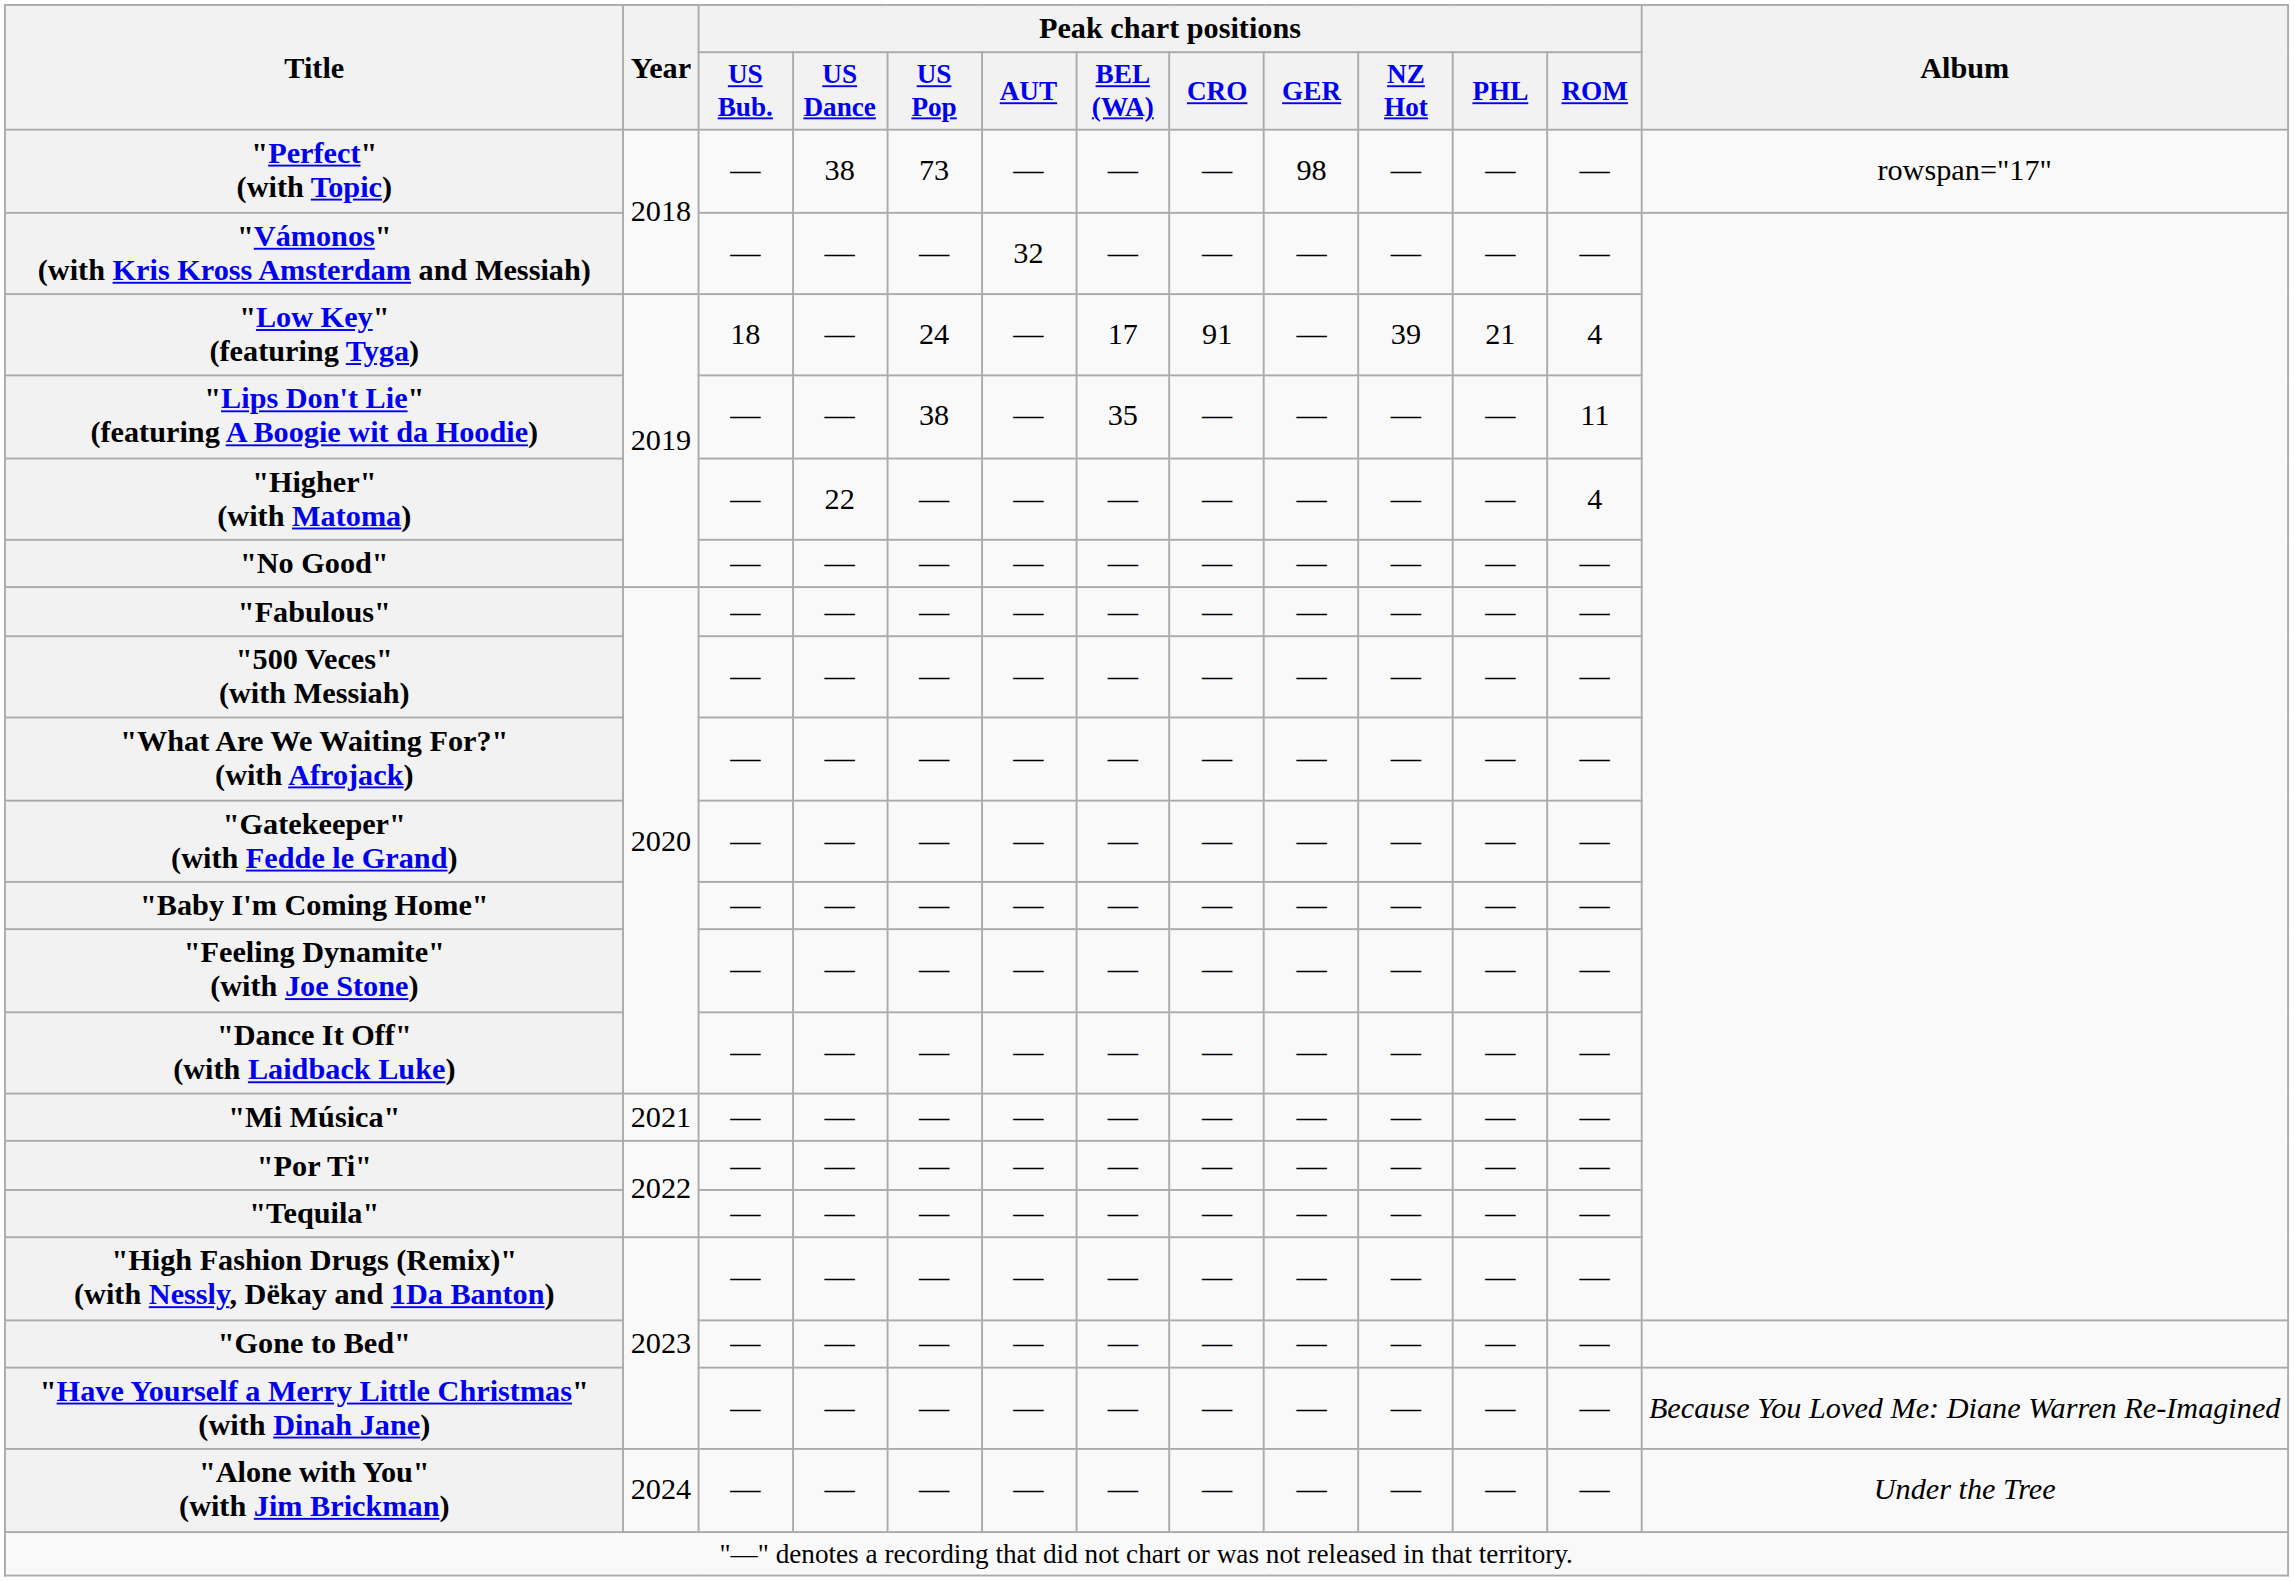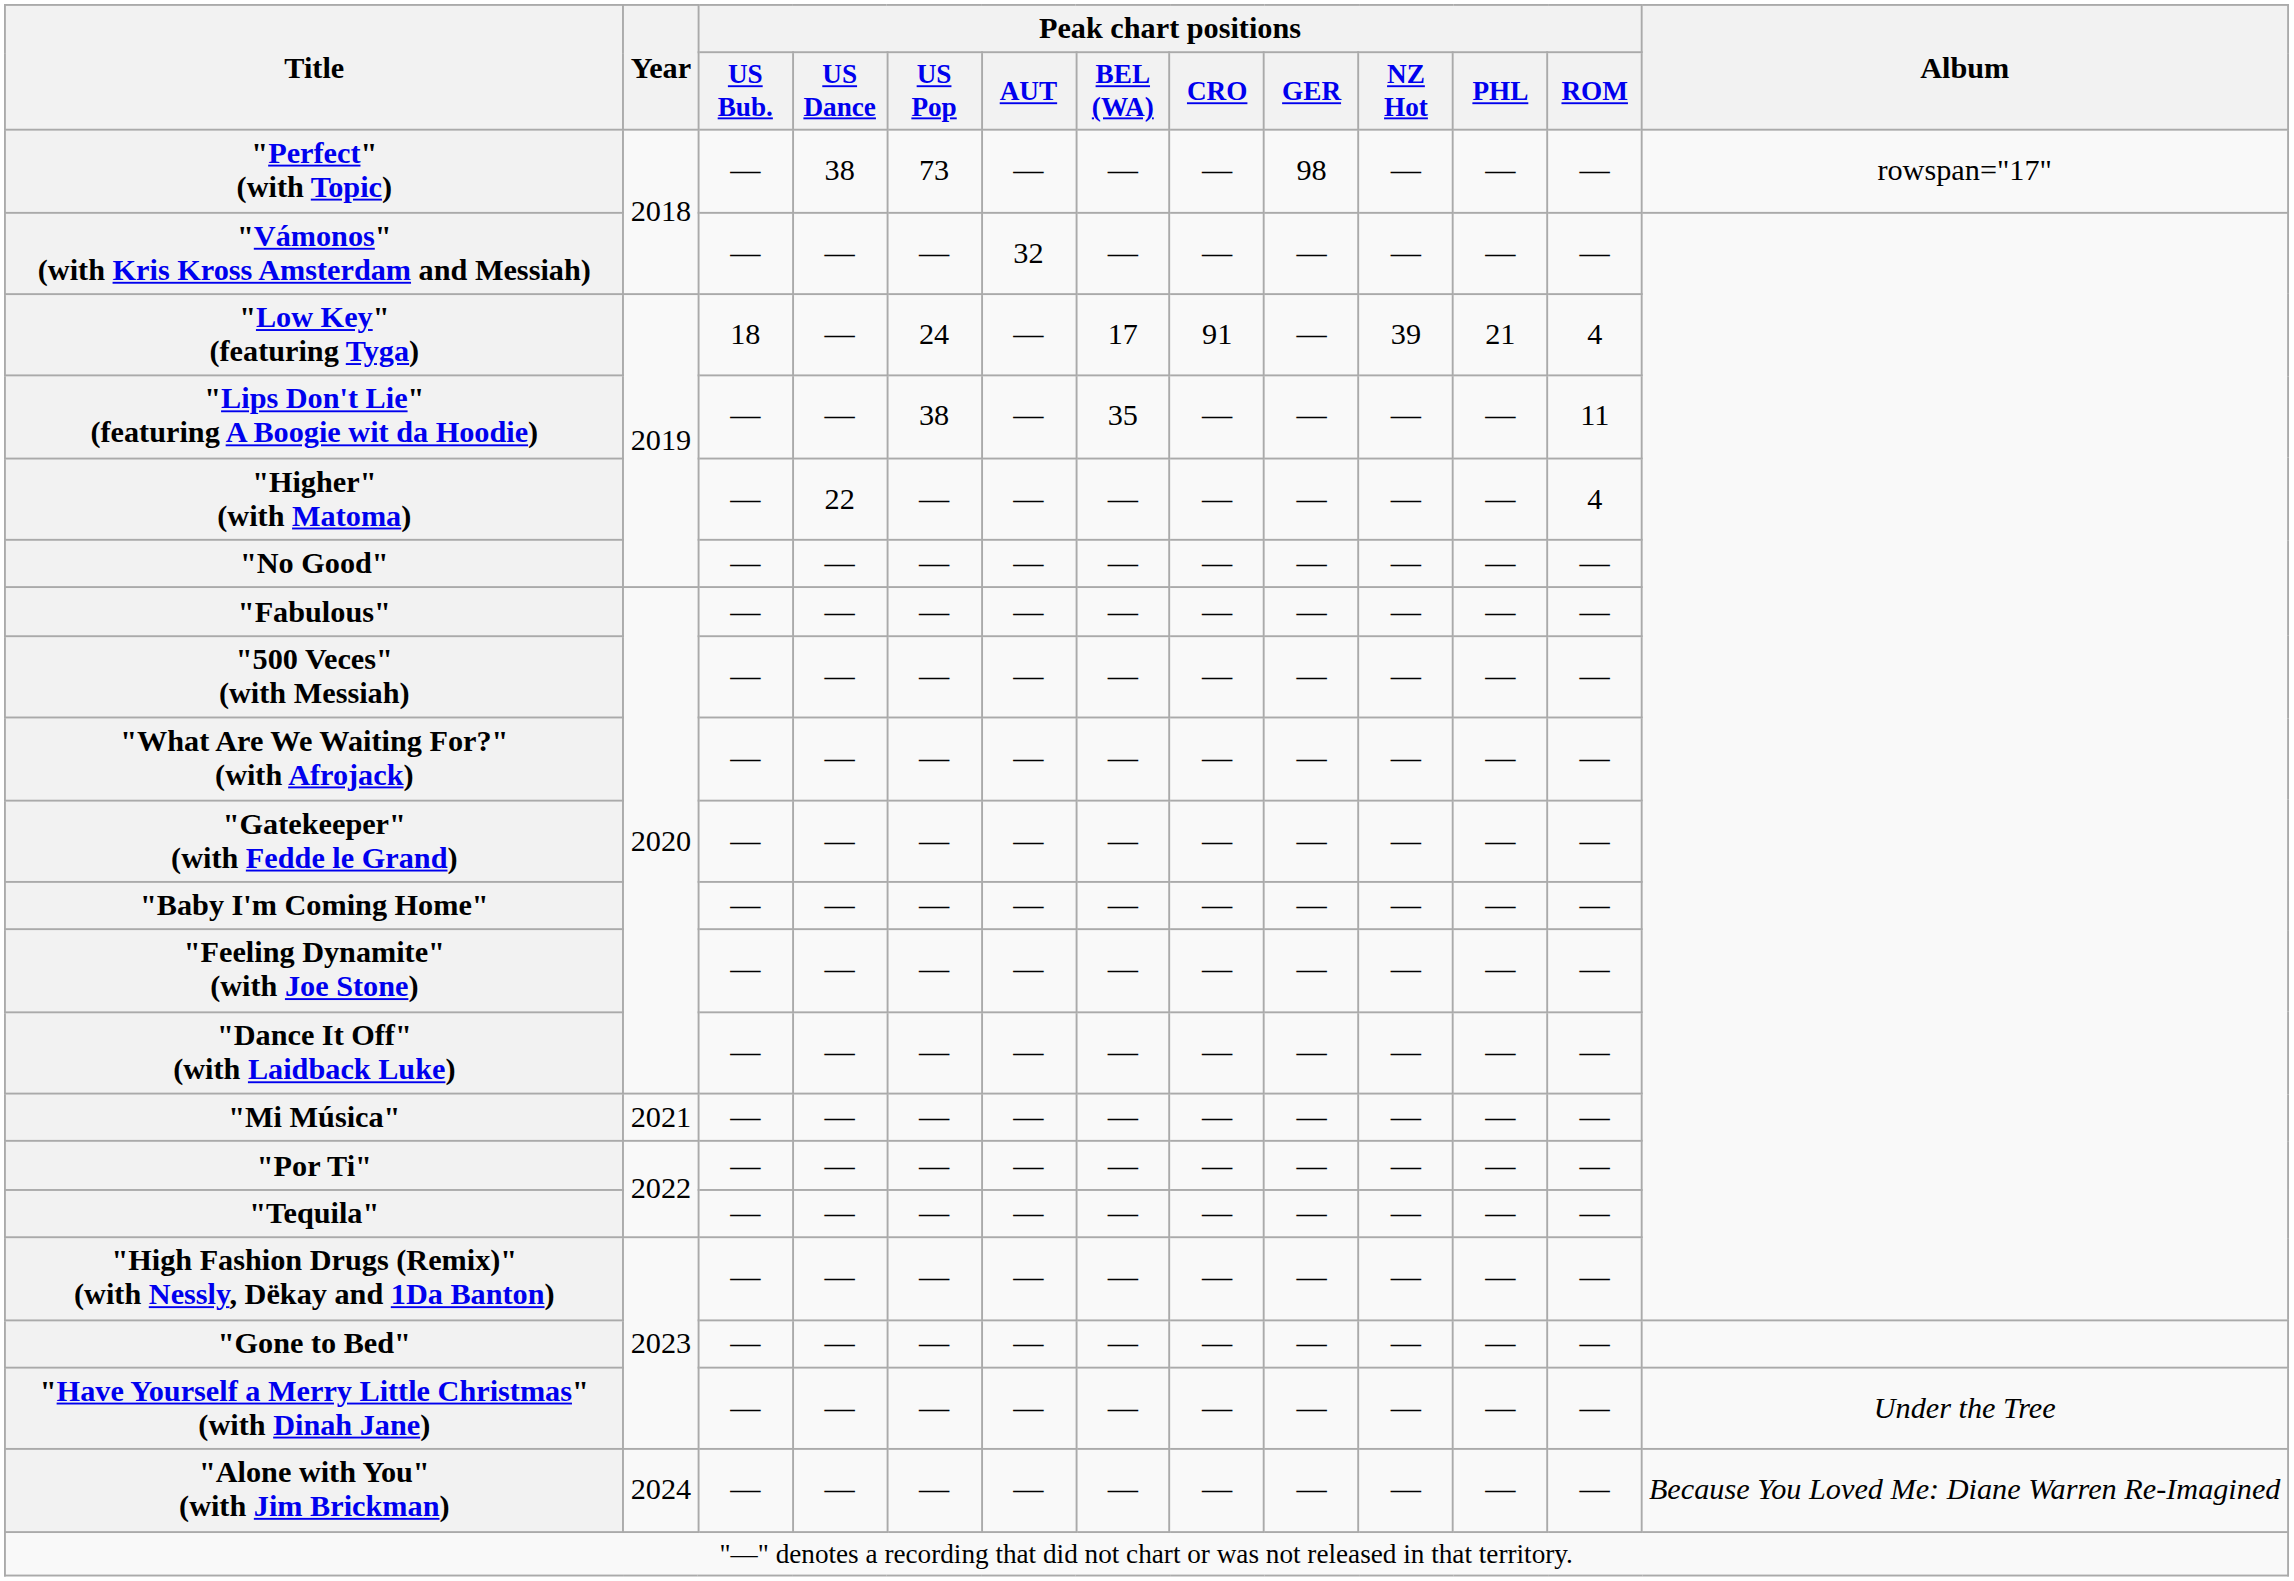 <table class="wikitable plainrowheaders" border="1" style="text-align:center;">
 <tr>
 <th scope="col" rowspan="2" style="width:20em;">Title</th>
 <th scope="col" rowspan="2">Year</th>
 <th scope="col" colspan="10">Peak chart positions</th>
 <th scope="col" rowspan="2">Album</th>
 </tr>
 <tr>
 <th scope="col" style="width:3em;font-size:90%;"><a href='#'>US<br>Bub.</a><br></th>
 <th scope="col" style="width:3em;font-size:90%;"><a href='#'>US<br>Dance</a><br></th>
 <th scope="col" style="width:3em;font-size:90%;"><a href='#'>US<br>Pop</a><br></th>
 <th scope="col" style="width:3em;font-size:90%;"><a href='#'>AUT</a><br></th>
 <th scope="col" style="width:3em;font-size:90%;"><a href='#'>BEL<br>(WA)</a><br></th>
 <th scope="col" style="width:3em;font-size:90%;"><a href='#'>CRO</a><br></th>
 <th scope="col" style="width:3em;font-size:90%;"><a href='#'>GER</a><br></th>
 <th scope="col" style="width:3em;font-size:90%;"><a href='#'>NZ Hot</a><br></th>
 <th scope="col" style="width:3em;font-size:90%;"><a href='#'>PHL</a><br></th>
 <th scope="col" style="width:3em;font-size:90%;"><a href='#'>ROM</a><br></th>
 </tr>
 <tr>
 <th scope="row">"<a href='#'>Perfect</a>"<br><span>(with <a href='#'>Topic</a>)</span></th>
 <td rowspan="2">2018</td>
 <td>—</td>
 <td>38</td>
 <td>73</td>
 <td>—</td>
 <td>—</td>
 <td>—</td>
 <td>98</td>
 <td>—</td>
 <td>—</td>
 <td>—</td>
 <td>rowspan="17" </td>
 </tr>
 <tr>
 <th scope="row">"<a href='#'>Vámonos</a>"<br><span>(with <a href='#'>Kris Kross Amsterdam</a> and Messiah)</span></th>
 <td>—</td>
 <td>—</td>
 <td>—</td>
 <td>32</td>
 <td>—</td>
 <td>—</td>
 <td>—</td>
 <td>—</td>
 <td>—</td>
 <td>—</td>
 </tr>
 <tr>
 <th scope="row">"<a href='#'>Low Key</a>"<br><span>(featuring <a href='#'>Tyga</a>)</span></th>
 <td rowspan="4">2019</td>
 <td>18</td>
 <td>—</td>
 <td>24</td>
 <td>—</td>
 <td>17</td>
 <td>91</td>
 <td>—</td>
 <td>39</td>
 <td>21</td>
 <td>4</td>
 </tr>
 <tr>
 <th scope="row">"<a href='#'>Lips Don't Lie</a>"<br><span>(featuring <a href='#'>A Boogie wit da Hoodie</a>)</span></th>
 <td>—</td>
 <td>—</td>
 <td>38</td>
 <td>—</td>
 <td>35</td>
 <td>—</td>
 <td>—</td>
 <td>—</td>
 <td>—</td>
 <td>11</td>
 </tr>
 <tr>
 <th scope="row">"Higher"<br><span>(with <a href='#'>Matoma</a>)</span></th>
 <td>—</td>
 <td>22</td>
 <td>—</td>
 <td>—</td>
 <td>—</td>
 <td>—</td>
 <td>—</td>
 <td>—</td>
 <td>—</td>
 <td>4</td>
 </tr>
 <tr>
 <th scope="row">"No Good"</th>
 <td>—</td>
 <td>—</td>
 <td>—</td>
 <td>—</td>
 <td>—</td>
 <td>—</td>
 <td>—</td>
 <td>—</td>
 <td>—</td>
 <td>—</td>
 </tr>
 <tr>
 <th scope="row">"Fabulous"</th>
 <td rowspan="7">2020</td>
 <td>—</td>
 <td>—</td>
 <td>—</td>
 <td>—</td>
 <td>—</td>
 <td>—</td>
 <td>—</td>
 <td>—</td>
 <td>—</td>
 <td>—</td>
 </tr>
 <tr>
 <th scope="row">"500 Veces"<br><span>(with Messiah)</span></th>
 <td>—</td>
 <td>—</td>
 <td>—</td>
 <td>—</td>
 <td>—</td>
 <td>—</td>
 <td>—</td>
 <td>—</td>
 <td>—</td>
 <td>—</td>
 </tr>
 <tr>
 <th scope="row">"What Are We Waiting For?"<br><span>(with <a href='#'>Afrojack</a>)</span></th>
 <td>—</td>
 <td>—</td>
 <td>—</td>
 <td>—</td>
 <td>—</td>
 <td>—</td>
 <td>—</td>
 <td>—</td>
 <td>—</td>
 <td>—</td>
 </tr>
 <tr>
 <th scope="row">"Gatekeeper"<br><span>(with <a href='#'>Fedde le Grand</a>)</span></th>
 <td>—</td>
 <td>—</td>
 <td>—</td>
 <td>—</td>
 <td>—</td>
 <td>—</td>
 <td>—</td>
 <td>—</td>
 <td>—</td>
 <td>—</td>
 </tr>
 <tr>
 <th scope="row">"Baby I'm Coming Home"</th>
 <td>—</td>
 <td>—</td>
 <td>—</td>
 <td>—</td>
 <td>—</td>
 <td>—</td>
 <td>—</td>
 <td>—</td>
 <td>—</td>
 <td>—</td>
 </tr>
 <tr>
 <th scope="row">"Feeling Dynamite"<br><span>(with <a href='#'>Joe Stone</a>)</span></th>
 <td>—</td>
 <td>—</td>
 <td>—</td>
 <td>—</td>
 <td>—</td>
 <td>—</td>
 <td>—</td>
 <td>—</td>
 <td>—</td>
 <td>—</td>
 </tr>
 <tr>
 <th scope="row">"Dance It Off"<br><span>(with <a href='#'>Laidback Luke</a>)</span></th>
 <td>—</td>
 <td>—</td>
 <td>—</td>
 <td>—</td>
 <td>—</td>
 <td>—</td>
 <td>—</td>
 <td>—</td>
 <td>—</td>
 <td>—</td>
 </tr>
 <tr>
 <th scope="row">"Mi Música"</th>
 <td>2021</td>
 <td>—</td>
 <td>—</td>
 <td>—</td>
 <td>—</td>
 <td>—</td>
 <td>—</td>
 <td>—</td>
 <td>—</td>
 <td>—</td>
 <td>—</td>
 </tr>
 <tr>
 <th scope="row">"Por Ti"</th>
 <td rowspan="2">2022</td>
 <td>—</td>
 <td>—</td>
 <td>—</td>
 <td>—</td>
 <td>—</td>
 <td>—</td>
 <td>—</td>
 <td>—</td>
 <td>—</td>
 <td>—</td>
 </tr>
 <tr>
 <th scope="row">"Tequila"</th>
 <td>—</td>
 <td>—</td>
 <td>—</td>
 <td>—</td>
 <td>—</td>
 <td>—</td>
 <td>—</td>
 <td>—</td>
 <td>—</td>
 <td>—</td>
 </tr>
 <tr>
 <th scope="row">"High Fashion Drugs (Remix)"<br><span>(with <a href='#'>Nessly</a>, Dëkay and <a href='#'>1Da Banton</a>)</span></th>
 <td rowspan="3">2023</td>
 <td>—</td>
 <td>—</td>
 <td>—</td>
 <td>—</td>
 <td>—</td>
 <td>—</td>
 <td>—</td>
 <td>—</td>
 <td>—</td>
 <td>—</td>
 </tr>
 <tr>
 <th scope="row">"Gone to Bed"</th>
 <td>—</td>
 <td>—</td>
 <td>—</td>
 <td>—</td>
 <td>—</td>
 <td>—</td>
 <td>—</td>
 <td>—</td>
 <td>—</td>
 <td>—</td>
 <td></td>
 </tr>
 <tr>
 <th scope="row">"<a href='#'>Have Yourself a Merry Little Christmas</a>"<br><span>(with <a href='#'>Dinah Jane</a>)</span></th>
 <td>—</td>
 <td>—</td>
 <td>—</td>
 <td>—</td>
 <td>—</td>
 <td>—</td>
 <td>—</td>
 <td>—</td>
 <td>—</td>
 <td>—</td>
-<td><em>Because You Loved Me: Diane Warren Re-Imagined</em></td>
+<td><em>Under the Tree</em></td>
 </tr>
 <tr>
 <th scope="row">"Alone with You"<br><span>(with <a href='#'>Jim Brickman</a>)</span></th>
 <td>2024</td>
 <td>—</td>
 <td>—</td>
 <td>—</td>
 <td>—</td>
 <td>—</td>
 <td>—</td>
 <td>—</td>
 <td>—</td>
 <td>—</td>
 <td>—</td>
-<td><em>Under the Tree</em></td>
+<td><em>Because You Loved Me: Diane Warren Re-Imagined</em></td>
 </tr>
 <tr>
 <td colspan="13" style="font-size:90%">"—" denotes a recording that did not chart or was not released in that territory.</td>
 </tr>
 </table>
